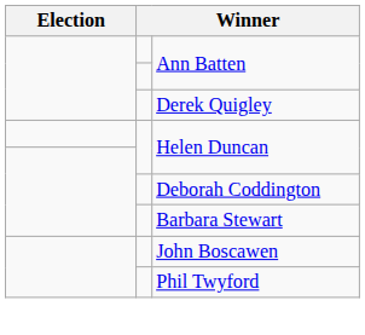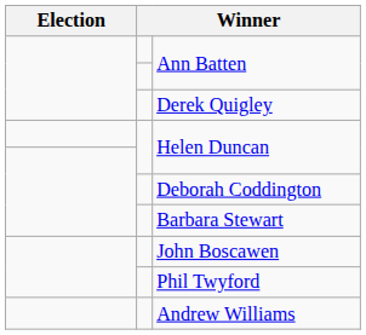 <table class="wikitable">
 <tr>
 <th width=100>Election</th>
 <th width=175 colspan=2>Winner</th>
 </tr>
 <tr>
 <td rowspan=3></td>
 <td width=5 bgcolor=></td>
 <td rowspan=2 height=36><a href='#'>Ann Batten</a></td>
 </tr>
 <tr>
 <td bgcolor=></td>
 </tr>
 <tr>
 <td bgcolor=></td>
 <td><a href='#'>Derek Quigley</a></td>
 </tr>
 <tr>
 <td></td>
 <td height=15 style="border-bottom:solid 0 grey; background:"></td>
 <td rowspan=2><a href='#'>Helen Duncan</a></td>
 </tr>
 <tr>
 <td rowspan=3></td>
 <td height=15 style="border-top:solid 0 grey; background:"></td>
 </tr>
 <tr>
 <td bgcolor=></td>
 <td><a href='#'>Deborah Coddington</a></td>
 </tr>
 <tr>
 <td bgcolor=></td>
 <td><a href='#'>Barbara Stewart</a></td>
 </tr>
 <tr>
 <td rowspan=2></td>
 <td bgcolor=></td>
 <td><a href='#'>John Boscawen</a></td>
 </tr>
 <tr>
 <td bgcolor=></td>
 <td><a href='#'>Phil Twyford</a></td>
 </tr>
+<tr>
+<td></td>
+<td bgcolor=></td>
+<td><a href='#'>Andrew Williams</a></td>
+</tr>
 </table>
